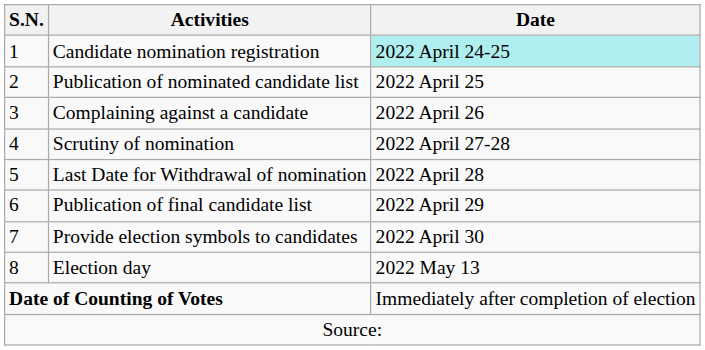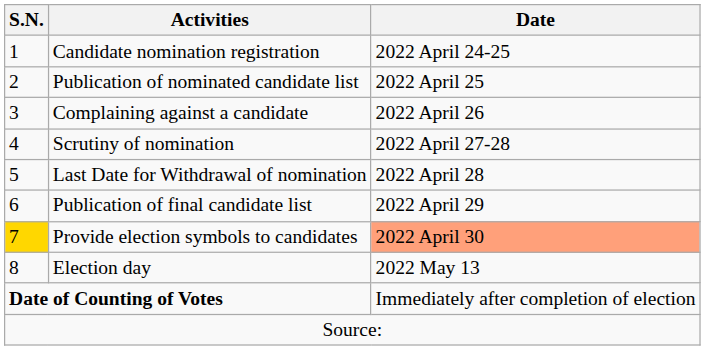 <table class="wikitable">
 <tr>
 <th>S.N.</th>
 <th>Activities</th>
 <th>Date</th>
 </tr>
 <tr>
 <td>1</td>
 <td>Candidate nomination registration</td>
-<td style="background: paleturquoise;">2022 April 24-25</td>
+<td>2022 April 24-25</td>
 </tr>
 <tr>
 <td>2</td>
 <td>Publication of nominated candidate list</td>
 <td>2022 April 25</td>
 </tr>
 <tr>
 <td>3</td>
 <td>Complaining against a candidate</td>
 <td>2022 April 26</td>
 </tr>
 <tr>
 <td>4</td>
 <td>Scrutiny of nomination</td>
 <td>2022 April 27-28</td>
 </tr>
 <tr>
 <td>5</td>
 <td>Last Date for Withdrawal of nomination</td>
 <td>2022 April 28</td>
 </tr>
 <tr>
 <td>6</td>
 <td>Publication of final candidate list</td>
 <td>2022 April 29</td>
 </tr>
 <tr>
-<td>7</td>
+<td style="background: gold;">7</td>
 <td>Provide election symbols to candidates</td>
-<td>2022 April 30</td>
+<td style="background: lightsalmon;">2022 April 30</td>
 </tr>
 <tr>
 <td>8</td>
 <td>Election day</td>
 <td>2022 May 13</td>
 </tr>
 <tr>
 <td colspan="2"><strong>Date of Counting of Votes</strong></td>
 <td>Immediately after completion of election</td>
 </tr>
 <tr style="text-align:center">
 <td colspan="3">Source: </td>
 </tr>
 </table>
